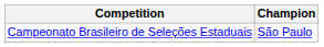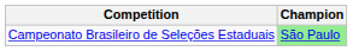 <table class="wikitable">
 <tr>
 <th>Competition</th>
 <th>Champion</th>
 </tr>
 <tr>
 <td><a href='#'>Campeonato Brasileiro de Seleções Estaduais</a></td>
-<td><a href='#'>São Paulo</a></td>
+<td style="background: lightgreen;"><a href='#'>São Paulo</a></td>
 </tr>
 </table>
